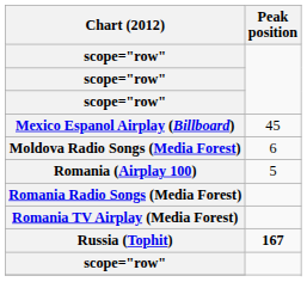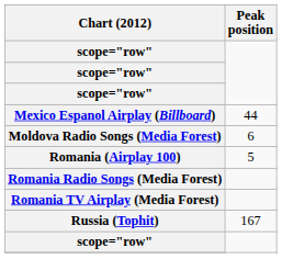 <table class="wikitable plainrowheaders sortable" style="text-align:center;">
 <tr>
 <th scope="col">Chart (2012)</th>
 <th scope="col">Peak<br>position</th>
 </tr>
 <tr>
 <th>scope="row"</th>
 </tr>
 <tr>
 <th>scope="row"</th>
 </tr>
 <tr>
 <th>scope="row"</th>
 </tr>
 <tr>
 <th scope="row"><a href='#'>Mexico Espanol Airplay</a> (<em><a href='#'>Billboard</a></em>)</th>
-<td style="text-align:center;">45</td>
+<td style="text-align:center;">44</td>
 </tr>
 <tr>
 <th scope="row">Moldova Radio Songs (<a href='#'>Media Forest</a>)</th>
 <td style="text-align:center;">6</td>
 </tr>
 <tr>
 <th scope="row">Romania (<a href='#'>Airplay 100</a>)</th>
 <td style="text-align:center;">5</td>
 </tr>
 <tr>
 <th scope="row"><a href='#'>Romania Radio Songs</a> (Media Forest)</th>
 <td></td>
 </tr>
 <tr>
 <th scope="row"><a href='#'>Romania TV Airplay</a> (Media Forest)</th>
 <td></td>
 </tr>
 <tr>
 <th scope="row">Russia (<a href='#'>Tophit</a>)</th>
-<td style="text-align:center;"><strong>167</strong></td>
+<td style="text-align:center;">167</td>
 </tr>
 <tr>
 <th>scope="row"</th>
 </tr>
 <tr>
 </tr>
 </table>
